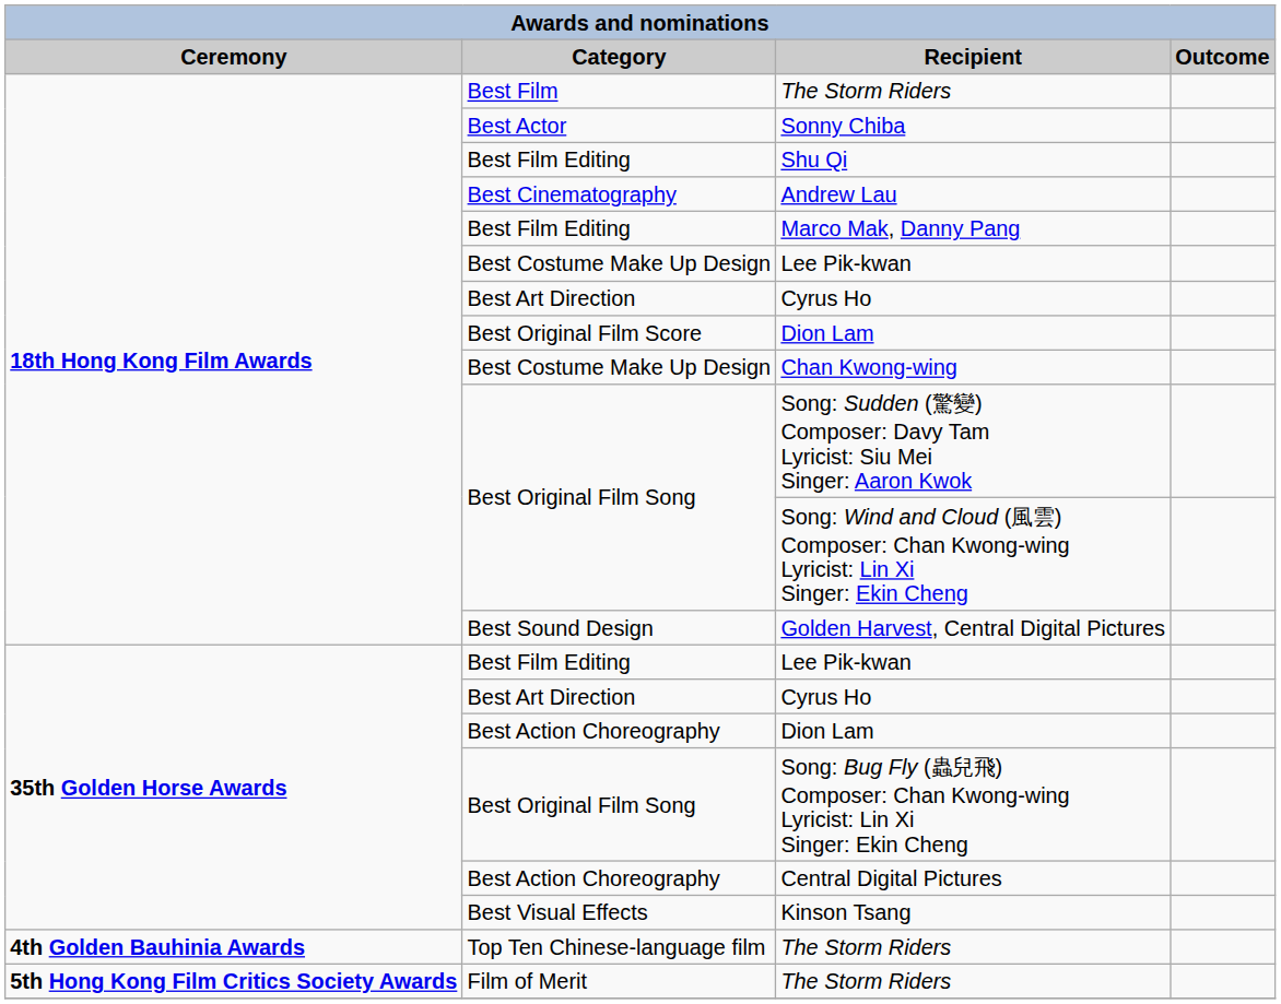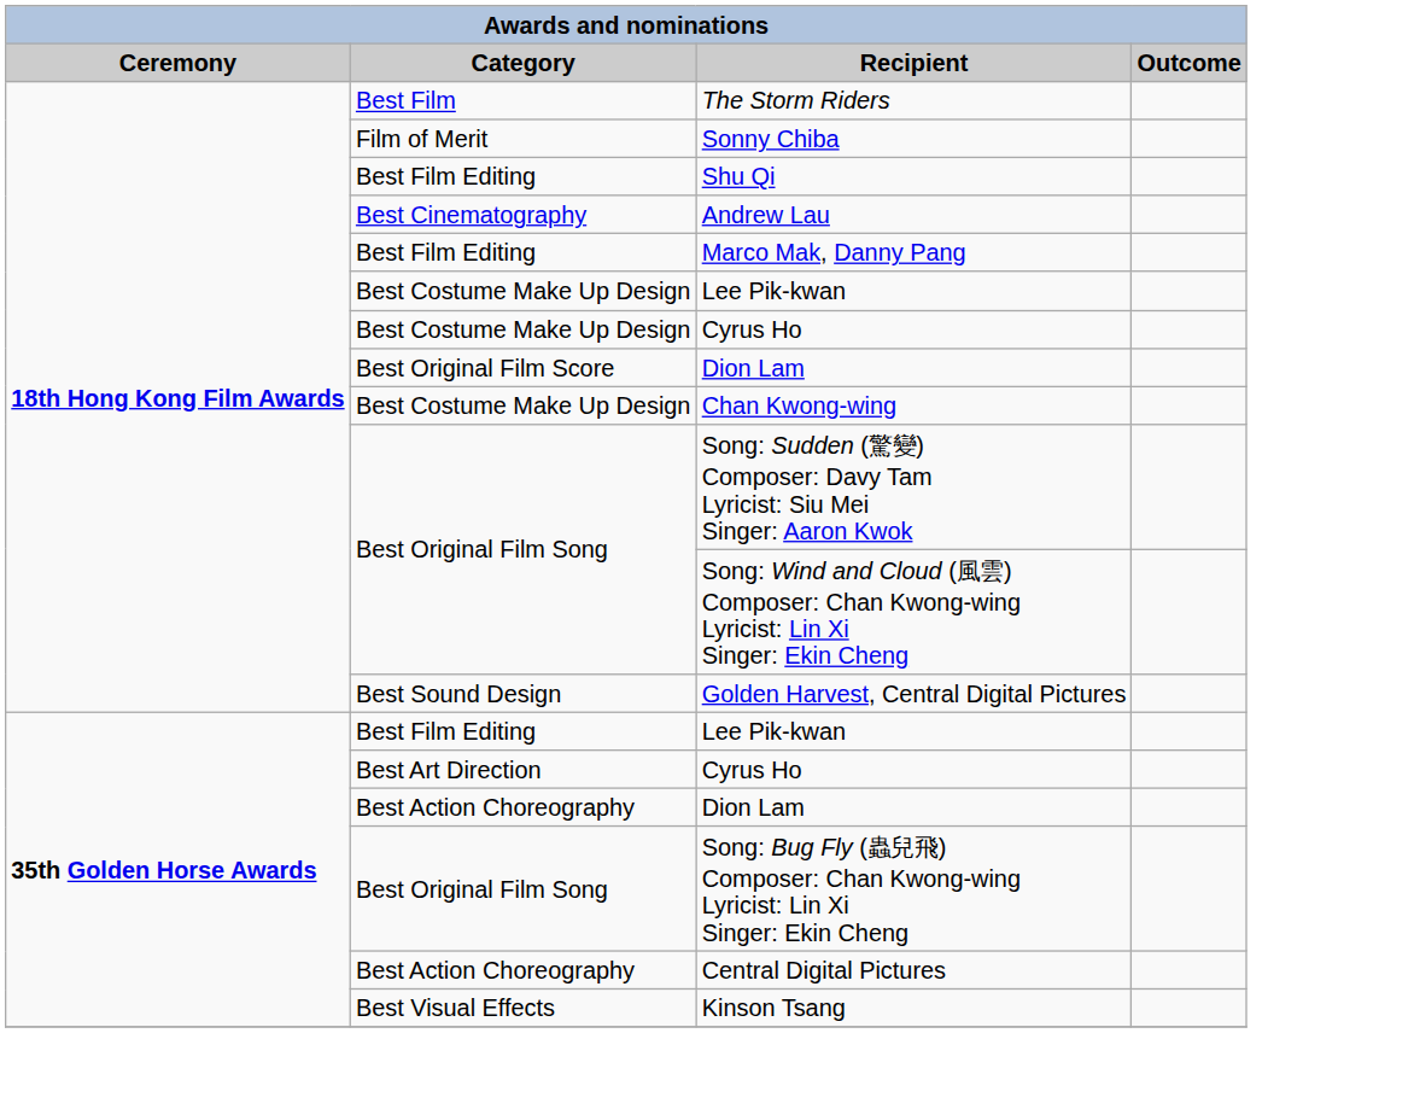 <table class="wikitable" style="font-size:95%;" ;>
 <tr style="background:#ccc; text-align:center;">
 <th colspan="4" style="background: LightSteelBlue;">Awards and nominations</th>
 </tr>
 <tr style="background:#ccc; text-align:center;">
 <th style="background:#ccc">Ceremony</th>
 <th style="background:#ccc">Category</th>
 <th style="background:#ccc">Recipient</th>
 <th style="background:#ccc">Outcome</th>
 </tr>
 <tr>
 <td rowspan=12><strong><a href='#'>18th Hong Kong Film Awards</a></strong></td>
 <td><a href='#'>Best Film</a></td>
 <td><em>The Storm Riders</em></td>
 <td></td>
 </tr>
 <tr>
-<td><a href='#'>Best Actor</a></td>
+<td>Film of Merit</td>
 <td><a href='#'>Sonny Chiba</a></td>
 <td></td>
 </tr>
 <tr>
 <td>Best Film Editing</td>
 <td><a href='#'>Shu Qi</a></td>
 <td></td>
 </tr>
 <tr>
 <td><a href='#'>Best Cinematography</a></td>
 <td><a href='#'>Andrew Lau</a></td>
 <td></td>
 </tr>
 <tr>
 <td>Best Film Editing</td>
 <td><a href='#'>Marco Mak</a>, <a href='#'>Danny Pang</a></td>
 <td></td>
 </tr>
 <tr>
 <td>Best Costume Make Up Design</td>
 <td>Lee Pik-kwan</td>
 <td></td>
 </tr>
 <tr>
-<td>Best Art Direction</td>
+<td>Best Costume Make Up Design</td>
 <td>Cyrus Ho</td>
 <td></td>
 </tr>
 <tr>
 <td>Best Original Film Score</td>
 <td><a href='#'>Dion Lam</a></td>
 <td></td>
 </tr>
 <tr>
 <td>Best Costume Make Up Design</td>
 <td><a href='#'>Chan Kwong-wing</a></td>
 <td></td>
 </tr>
 <tr>
 <td rowspan=2>Best Original Film Song</td>
 <td>Song: <em>Sudden</em> (驚變)<br>Composer: Davy Tam <br>Lyricist: Siu Mei <br>Singer: <a href='#'>Aaron Kwok</a></td>
 <td></td>
 </tr>
 <tr>
 <td>Song: <em>Wind and Cloud</em> (風雲)<br>Composer: Chan Kwong-wing <br>Lyricist: <a href='#'>Lin Xi</a> <br>Singer: <a href='#'>Ekin Cheng</a></td>
 <td></td>
 </tr>
 <tr>
 <td>Best Sound Design</td>
 <td><a href='#'>Golden Harvest</a>, Central Digital Pictures</td>
 <td></td>
 </tr>
 <tr>
 <td rowspan=6><strong>35th <a href='#'>Golden Horse Awards</a></strong></td>
 <td>Best Film Editing</td>
 <td>Lee Pik-kwan</td>
 <td></td>
 </tr>
 <tr>
 <td>Best Art Direction</td>
 <td>Cyrus Ho</td>
 <td></td>
 </tr>
 <tr>
 <td>Best Action Choreography</td>
 <td>Dion Lam</td>
 <td></td>
 </tr>
 <tr>
 <td>Best Original Film Song</td>
 <td>Song: <em>Bug Fly</em> (蟲兒飛)<br>Composer: Chan Kwong-wing <br>Lyricist: Lin Xi <br>Singer: Ekin Cheng</td>
 <td></td>
 </tr>
 <tr>
 <td>Best Action Choreography</td>
 <td>Central Digital Pictures</td>
 <td></td>
 </tr>
 <tr>
 <td>Best Visual Effects</td>
 <td>Kinson Tsang</td>
 <td></td>
 </tr>
 <tr>
-<td><strong>4th <a href='#'>Golden Bauhinia Awards</a></strong></td>
-<td>Top Ten Chinese-language film</td>
-<td><em>The Storm Riders</em></td>
-<td></td>
-</tr>
-<tr>
-<td><strong>5th <a href='#'>Hong Kong Film Critics Society Awards</a></strong></td>
-<td>Film of Merit</td>
-<td><em>The Storm Riders</em></td>
-<td></td>
-</tr>
-<tr>
 </tr>
 </table>
